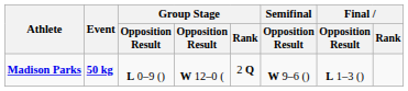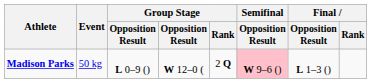 <table class="wikitable" style="font-size:90%;">
 <tr>
 <th rowspan=2>Athlete</th>
 <th rowspan=2>Event</th>
 <th colspan=3>Group Stage</th>
 <th>Semifinal</th>
 <th colspan=2>Final / </th>
 </tr>
 <tr style="font-size: 95%">
 <th>Opposition<br>Result</th>
 <th>Opposition<br>Result</th>
 <th>Rank</th>
 <th>Opposition<br>Result</th>
 <th>Opposition<br>Result</th>
 <th>Rank</th>
 </tr>
 <tr align=center>
 <td align=left><strong><a href='#'>Madison Parks</a></strong></td>
-<td align=left><strong><a href='#'>50 kg</a></strong></td>
+<td align=left><a href='#'>50 kg</a></td>
 <td><br><strong>L</strong> 0–9 ()</td>
 <td><br><strong>W</strong> 12–0 (</td>
 <td>2 <strong>Q</strong></td>
-<td><br><strong>W</strong> 9–6 ()</td>
+<td style="background: pink;"><br><strong>W</strong> 9–6 ()</td>
 <td><br><strong>L</strong> 1–3 ()</td>
 <td></td>
 </tr>
 </table>
